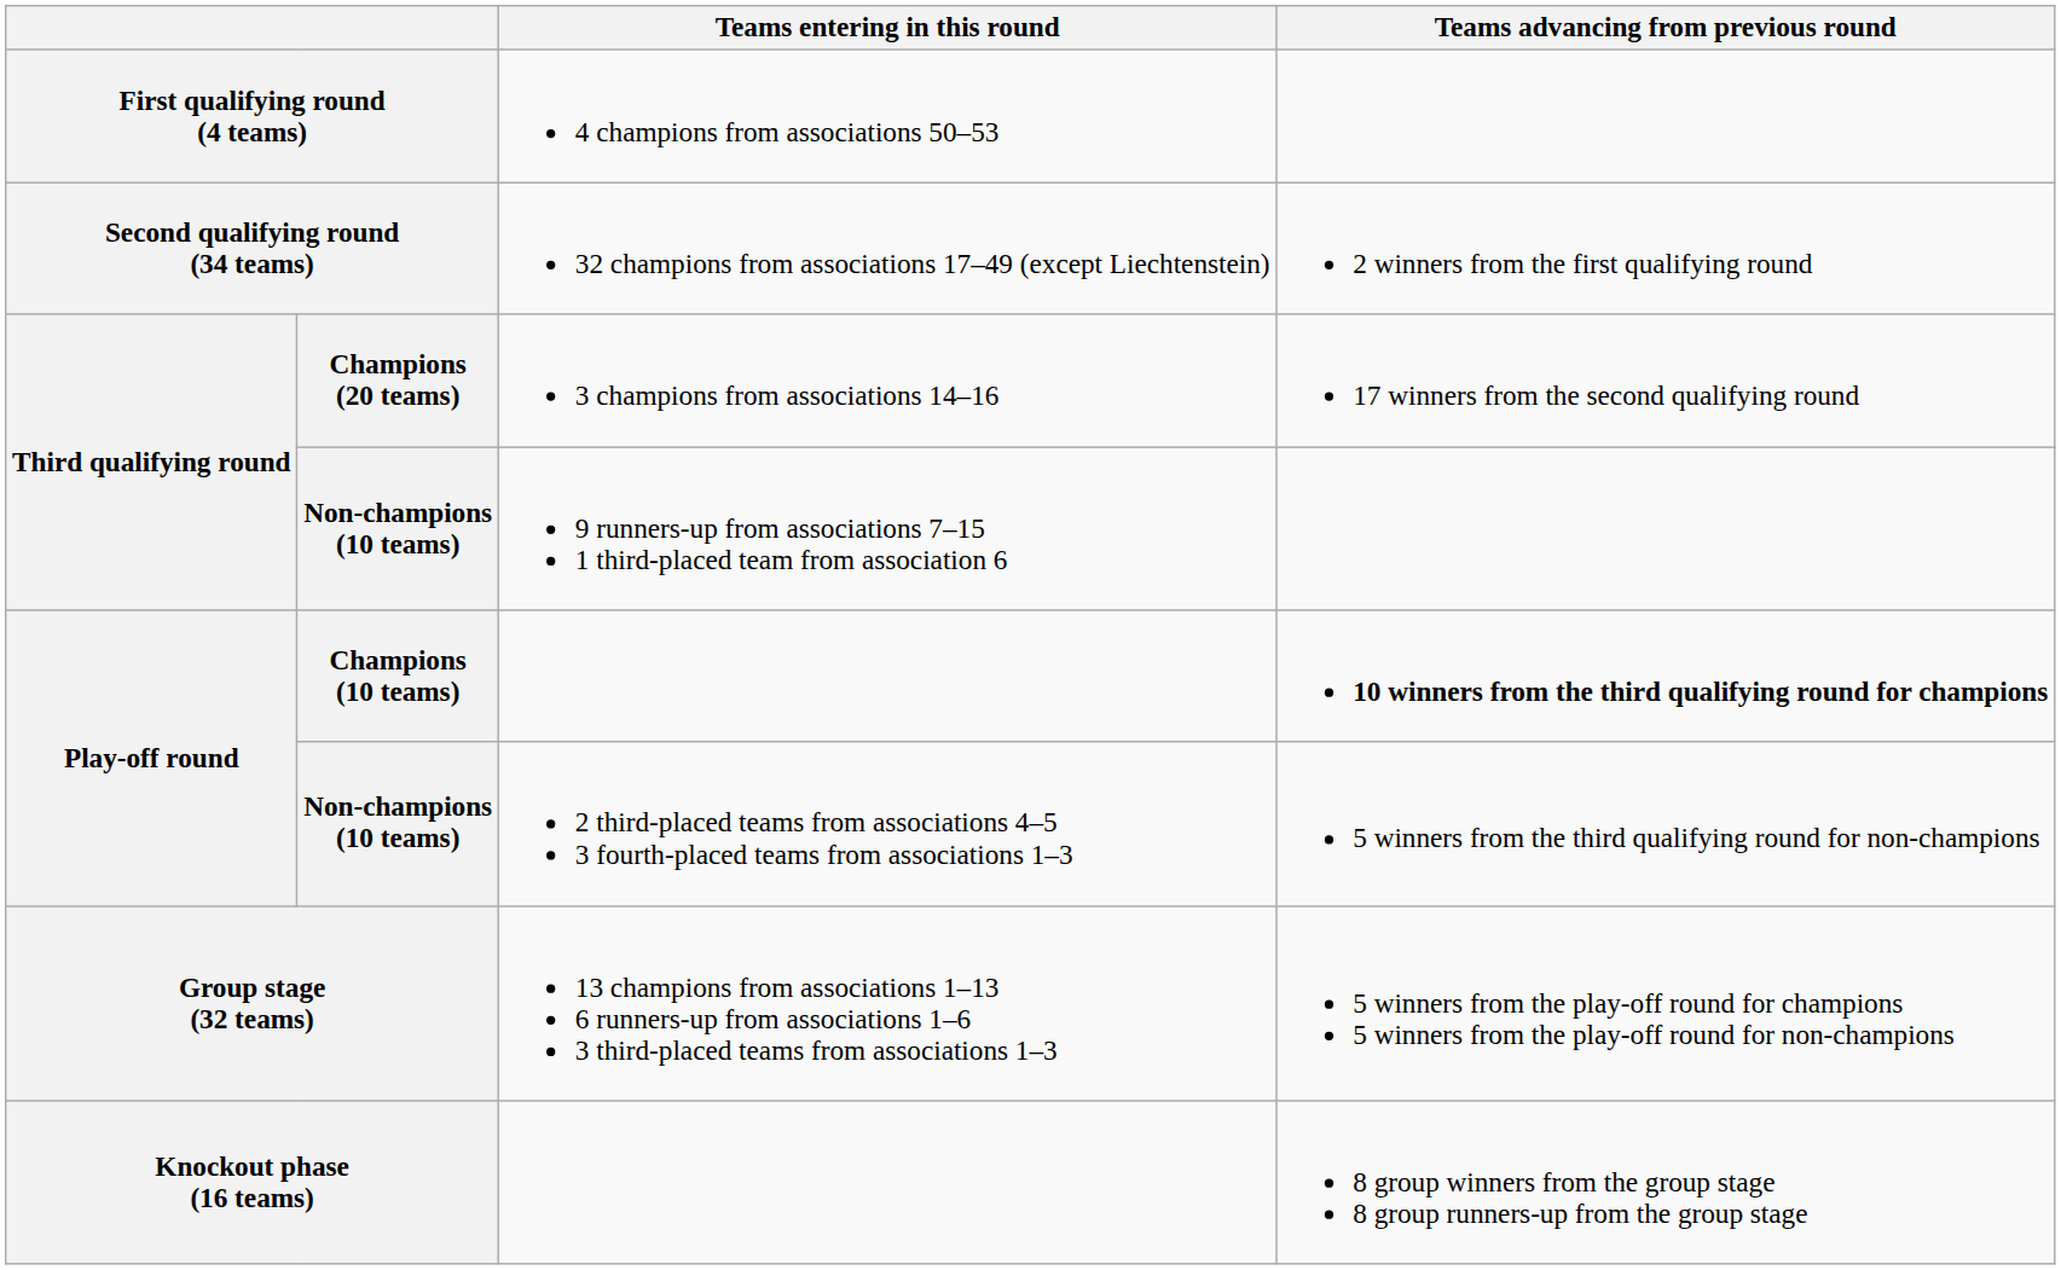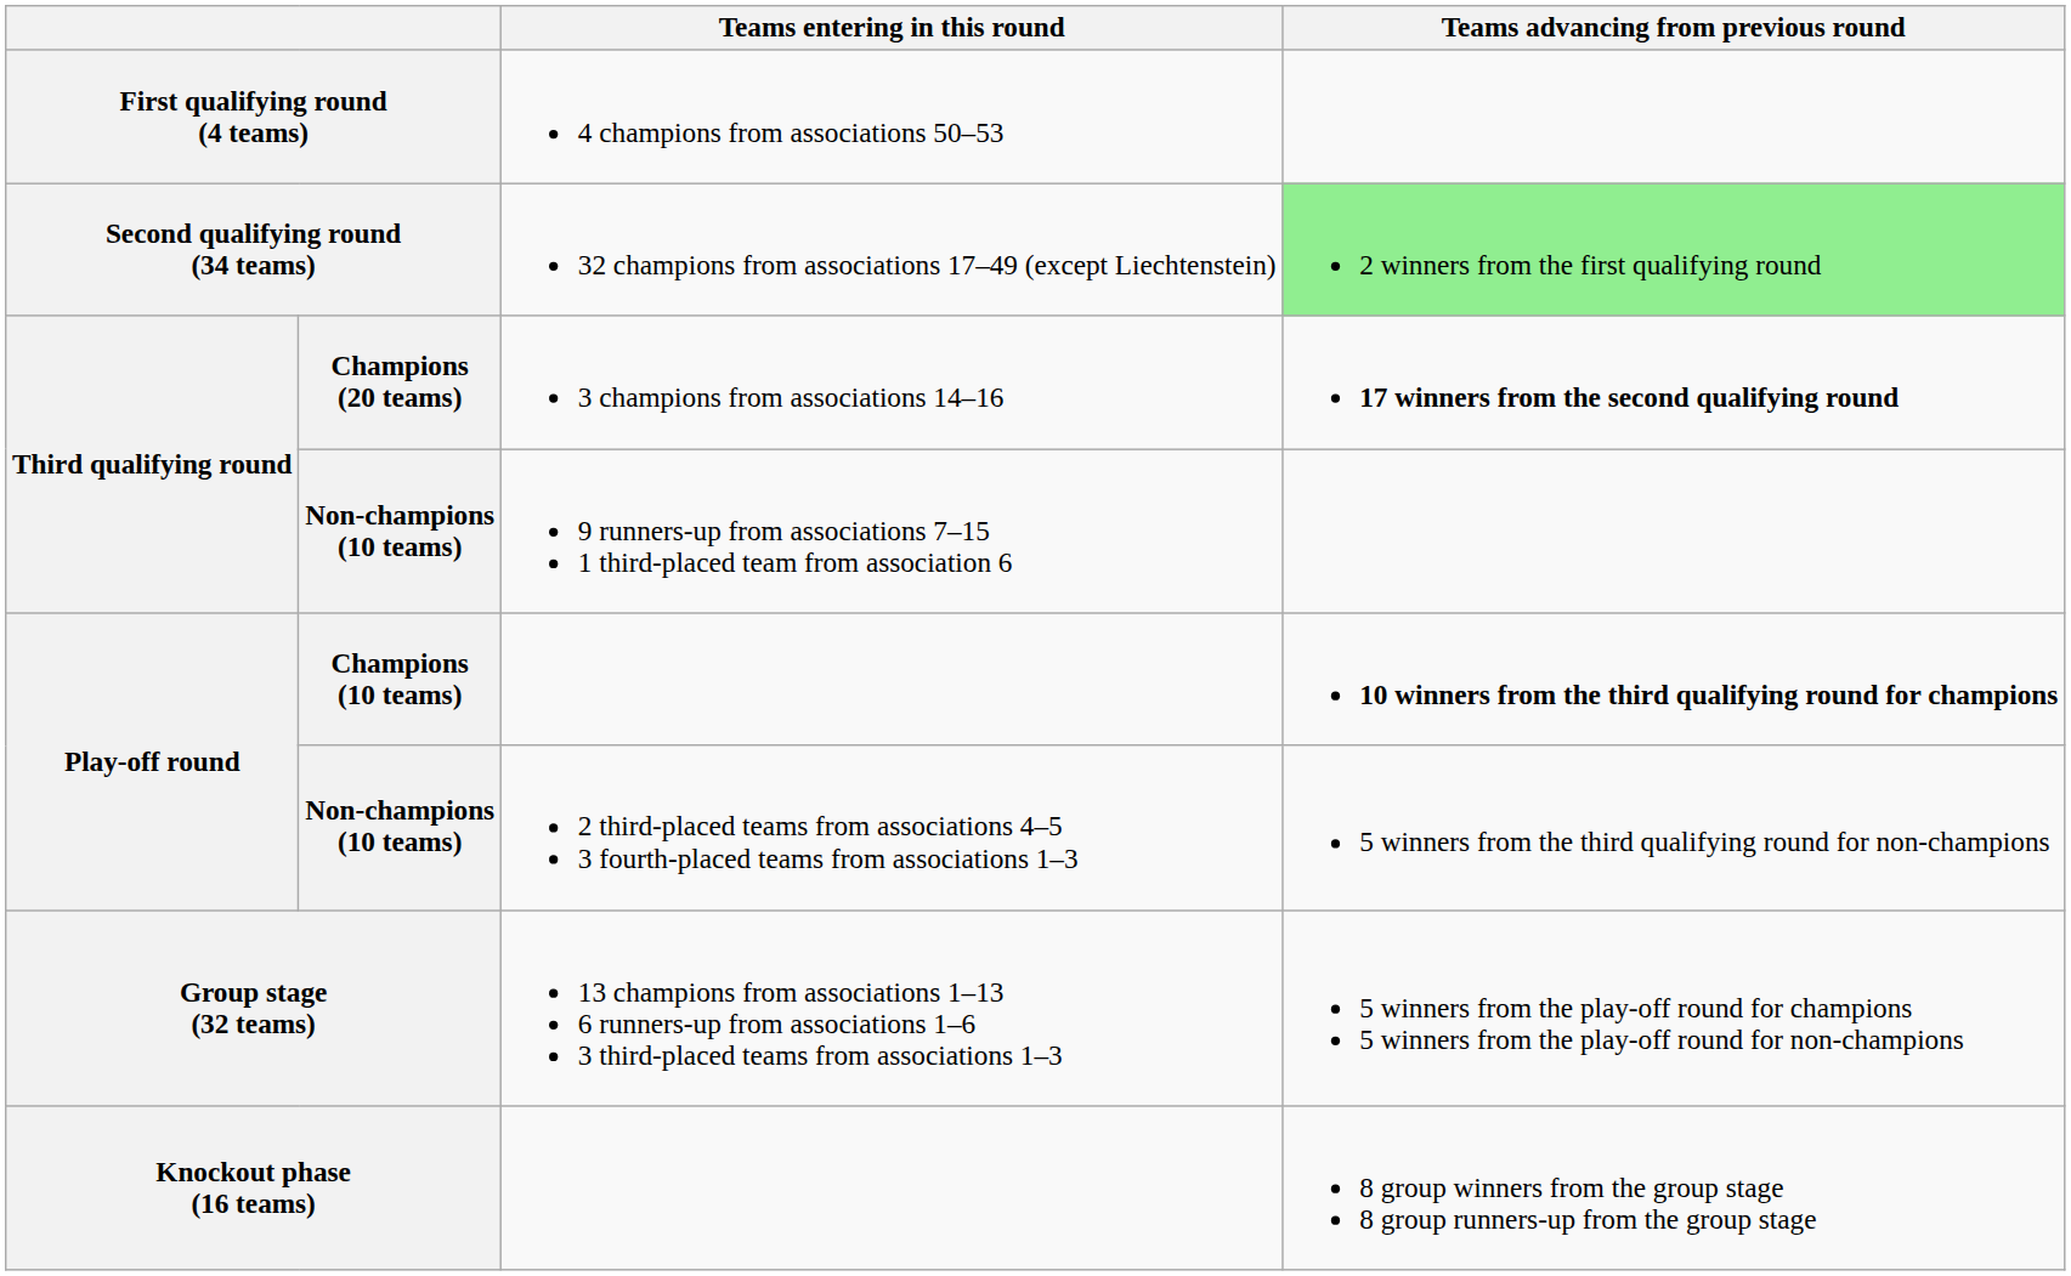 <table class="wikitable">
 <tr>
 <th colspan=2></th>
 <th>Teams entering in this round</th>
 <th>Teams advancing from previous round</th>
 </tr>
 <tr>
 <th colspan=2>First qualifying round<br>(4 teams)</th>
 <td><br><ul><li>4 champions from associations 50–53</li></ul></td>
 <td></td>
 </tr>
 <tr>
 <th colspan=2>Second qualifying round<br>(34 teams)</th>
 <td><br><ul><li>32 champions from associations 17–49 (except Liechtenstein)</li></ul></td>
-<td><br><ul><li>2 winners from the first qualifying round</li></ul></td>
+<td style="background: lightgreen;"><br><ul><li>2 winners from the first qualifying round</li></ul></td>
 </tr>
 <tr>
 <th rowspan=2>Third qualifying round</th>
 <th>Champions<br>(20 teams)</th>
 <td><br><ul><li>3 champions from associations 14–16</li></ul></td>
-<td><br><ul><li>17 winners from the second qualifying round</li></ul></td>
+<td><strong><br><ul><li>17 winners from the second qualifying round</li></ul></strong></td>
 </tr>
 <tr>
 <th>Non-champions<br>(10 teams)</th>
 <td><br><ul><li>9 runners-up from associations 7–15</li><li>1 third-placed team from association 6</li></ul></td>
 <td></td>
 </tr>
 <tr>
 <th rowspan=2>Play-off round</th>
 <th>Champions<br>(10 teams)</th>
 <td></td>
 <td><strong><br><ul><li>10 winners from the third qualifying round for champions</li></ul></strong></td>
 </tr>
 <tr>
 <th>Non-champions<br>(10 teams)</th>
 <td><br><ul><li>2 third-placed teams from associations 4–5</li><li>3 fourth-placed teams from associations 1–3</li></ul></td>
 <td><br><ul><li>5 winners from the third qualifying round for non-champions</li></ul></td>
 </tr>
 <tr>
 <th colspan=2>Group stage<br>(32 teams)</th>
 <td><br><ul><li>13 champions from associations 1–13</li><li>6 runners-up from associations 1–6</li><li>3 third-placed teams from associations 1–3</li></ul></td>
 <td><br><ul><li>5 winners from the play-off round for champions</li><li>5 winners from the play-off round for non-champions</li></ul></td>
 </tr>
 <tr>
 <th colspan=2>Knockout phase<br>(16 teams)</th>
 <td></td>
 <td><br><ul><li>8 group winners from the group stage</li><li>8 group runners-up from the group stage</li></ul></td>
 </tr>
 </table>
